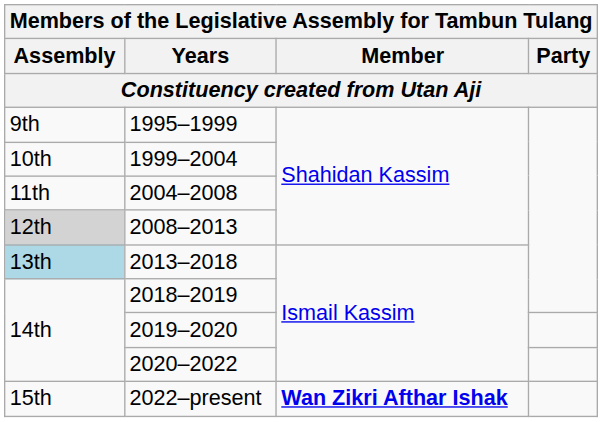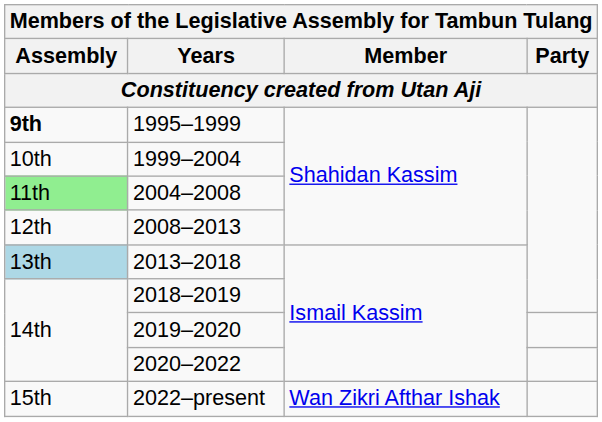 <table class=wikitable>
 <tr>
 <th colspan=4>Members of the Legislative Assembly for Tambun Tulang</th>
 </tr>
 <tr>
 <th>Assembly</th>
 <th>Years</th>
 <th>Member</th>
 <th>Party</th>
 </tr>
 <tr>
 <th colspan=4 align=center><em>Constituency created from Utan Aji</em></th>
 </tr>
 <tr>
-<td>9th</td>
+<td><strong>9th</strong></td>
 <td>1995–1999</td>
 <td rowspan=4><a href='#'>Shahidan Kassim</a></td>
 <td rowspan=6></td>
 </tr>
 <tr>
 <td>10th</td>
 <td>1999–2004</td>
 </tr>
 <tr>
-<td>11th</td>
+<td style="background: lightgreen;">11th</td>
 <td>2004–2008</td>
 </tr>
 <tr>
-<td style="background: lightgrey;">12th</td>
+<td>12th</td>
 <td>2008–2013</td>
 </tr>
 <tr>
 <td style="background: lightblue;">13th</td>
 <td>2013–2018</td>
 <td rowspan="4"><a href='#'>Ismail Kassim</a></td>
 </tr>
 <tr>
 <td rowspan="3">14th</td>
 <td>2018–2019</td>
 </tr>
 <tr>
 <td>2019–2020</td>
 <td></td>
 </tr>
 <tr>
 <td>2020–2022</td>
 <td></td>
 </tr>
 <tr>
 <td>15th</td>
 <td>2022–present</td>
-<td><strong><a href='#'>Wan Zikri Afthar Ishak</a></strong></td>
+<td><a href='#'>Wan Zikri Afthar Ishak</a></td>
 <td></td>
 </tr>
 </table>
